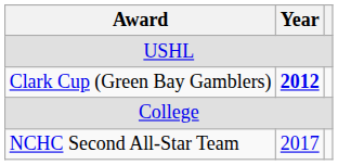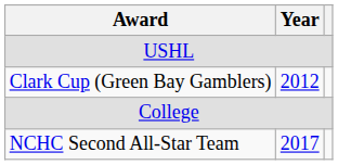 <table class="wikitable">
 <tr>
 <th>Award</th>
 <th>Year</th>
 <th></th>
 </tr>
 <tr ALIGN="center" bgcolor="#e0e0e0">
 <td colspan="3"><a href='#'>USHL</a></td>
 </tr>
 <tr>
 <td><a href='#'>Clark Cup</a> (Green Bay Gamblers)</td>
-<td><strong><a href='#'>2012</a></strong></td>
+<td><a href='#'>2012</a></td>
 <td></td>
 </tr>
 <tr ALIGN="center" bgcolor="#e0e0e0">
 <td colspan="3"><a href='#'>College</a></td>
 </tr>
 <tr>
 <td><a href='#'>NCHC</a> Second All-Star Team</td>
 <td><a href='#'>2017</a></td>
 <td></td>
 </tr>
 </table>
